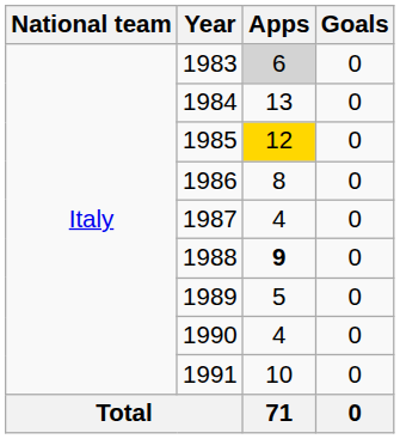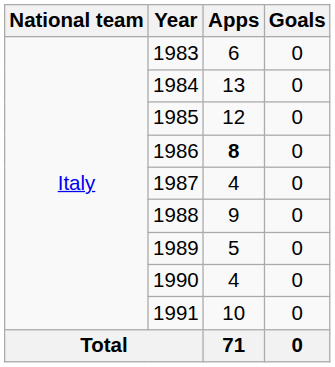 <table class="wikitable" style="text-align:center">
 <tr>
 <th>National team</th>
 <th>Year</th>
 <th>Apps</th>
 <th>Goals</th>
 </tr>
 <tr>
 <td rowspan="9"><a href='#'>Italy</a></td>
 <td>1983</td>
-<td style="background: lightgrey;">6</td>
+<td>6</td>
 <td>0</td>
 </tr>
 <tr>
 <td>1984</td>
 <td>13</td>
 <td>0</td>
 </tr>
 <tr>
 <td>1985</td>
-<td style="background: gold;">12</td>
+<td>12</td>
 <td>0</td>
 </tr>
 <tr>
 <td>1986</td>
-<td>8</td>
+<td><strong>8</strong></td>
 <td>0</td>
 </tr>
 <tr>
 <td>1987</td>
 <td>4</td>
 <td>0</td>
 </tr>
 <tr>
 <td>1988</td>
-<td><strong>9</strong></td>
+<td>9</td>
 <td>0</td>
 </tr>
 <tr>
 <td>1989</td>
 <td>5</td>
 <td>0</td>
 </tr>
 <tr>
 <td>1990</td>
 <td>4</td>
 <td>0</td>
 </tr>
 <tr>
 <td>1991</td>
 <td>10</td>
 <td>0</td>
 </tr>
 <tr>
 <th colspan="2">Total</th>
 <th>71</th>
 <th>0</th>
 </tr>
 </table>
